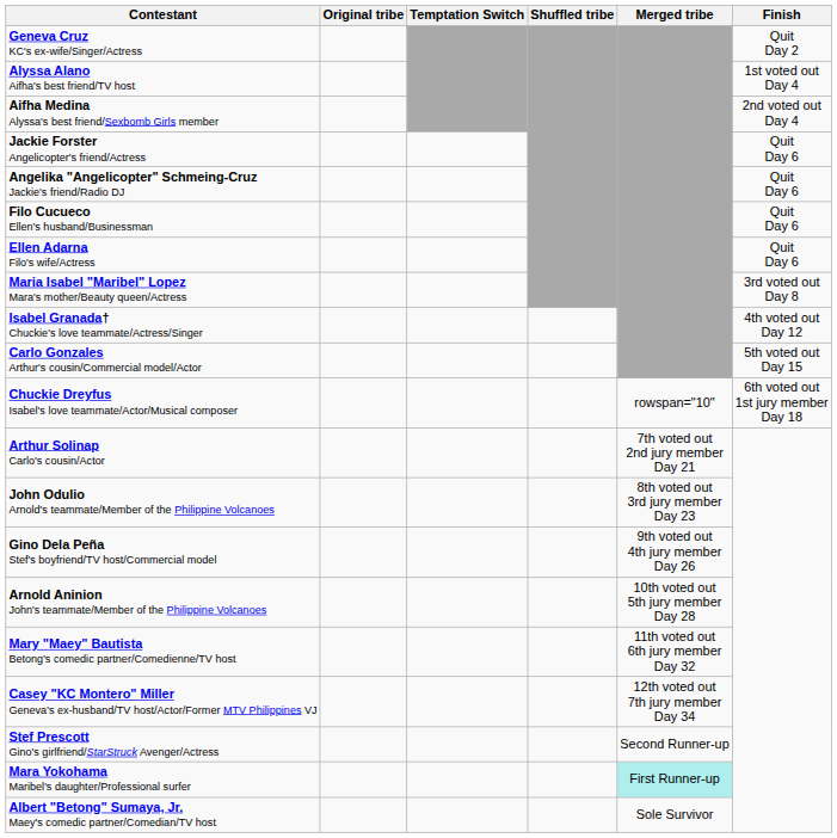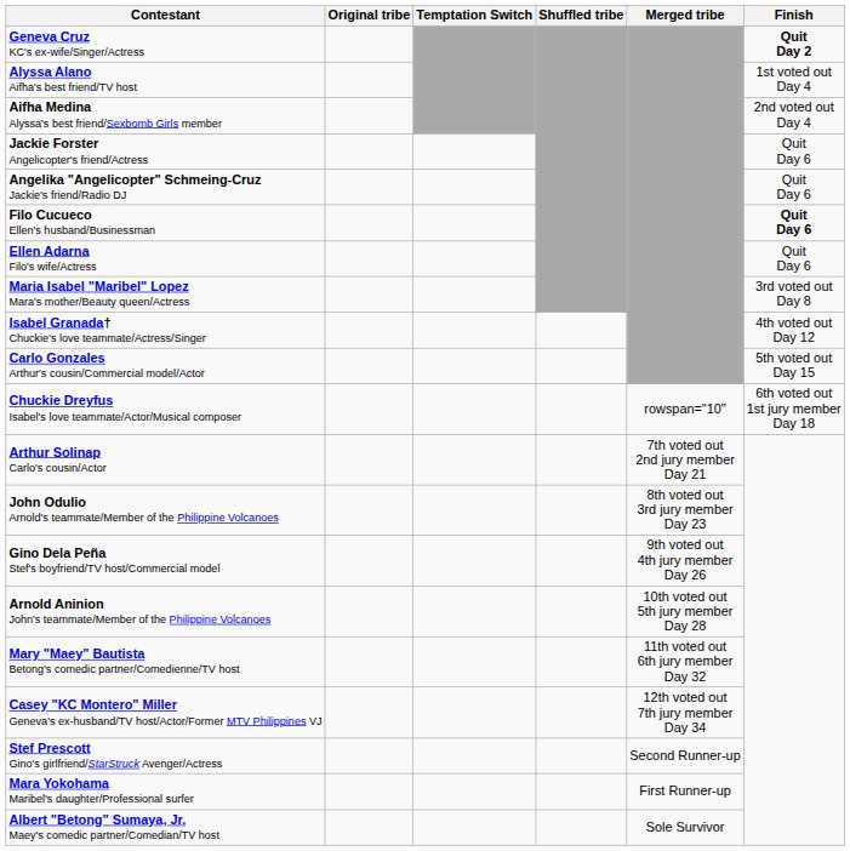 <table class="wikitable sortable nowrap" style="margin:auto; text-align:center">
 <tr>
 <th scope="col">Contestant</th>
 <th scope="col">Original tribe</th>
 <th scope="col">Temptation Switch</th>
 <th scope="col">Shuffled tribe</th>
 <th scope="col">Merged tribe</th>
 <th scope="col">Finish</th>
 </tr>
 <tr>
 <td align="left"><strong><a href='#'>Geneva Cruz</a></strong><br><small>KC's ex-wife/Singer/Actress</small></td>
 <td></td>
 <td rowspan="3" bgcolor="darkgray"></td>
 <td rowspan="8" bgcolor="darkgray"></td>
 <td rowspan="10" bgcolor="darkgray"></td>
-<td>Quit<br>Day 2</td>
+<td><strong>Quit<br>Day 2</strong></td>
 </tr>
 <tr>
 <td align="left"><strong><a href='#'>Alyssa Alano</a></strong><br><small>Aifha's best friend/TV host</small></td>
 <td></td>
 <td>1st voted out<br>Day 4</td>
 </tr>
 <tr>
 <td align="left"><strong>Aifha Medina</strong><br><small>Alyssa's best friend/<a href='#'>Sexbomb Girls</a> member</small></td>
 <td></td>
 <td>2nd voted out<br>Day 4</td>
 </tr>
 <tr>
 <td align="left"><strong>Jackie Forster</strong><br><small>Angelicopter's friend/Actress</small></td>
 <td></td>
 <td></td>
 <td>Quit<br>Day 6</td>
 </tr>
 <tr>
 <td align="left"><strong>Angelika "Angelicopter" Schmeing-Cruz</strong><br><small>Jackie's friend/Radio DJ</small></td>
 <td></td>
 <td></td>
 <td>Quit<br>Day 6</td>
 </tr>
 <tr>
 <td align="left"><strong>Filo Cucueco</strong><br><small>Ellen's husband/Businessman</small></td>
 <td></td>
 <td></td>
-<td>Quit<br>Day 6</td>
+<td><strong>Quit<br>Day 6</strong></td>
 </tr>
 <tr>
 <td align="left"><strong><a href='#'>Ellen Adarna</a></strong><br><small>Filo's wife/Actress</small></td>
 <td></td>
 <td></td>
 <td>Quit<br>Day 6</td>
 </tr>
 <tr>
 <td align="left"><strong><a href='#'>Maria Isabel "Maribel" Lopez</a></strong><br><small>Mara's mother/Beauty queen/Actress</small></td>
 <td></td>
 <td></td>
 <td>3rd voted out<br>Day 8</td>
 </tr>
 <tr>
 <td align="left"><strong><a href='#'>Isabel Granada</a>†</strong><br><small>Chuckie's love teammate/Actress/Singer</small></td>
 <td></td>
 <td></td>
 <td></td>
 <td>4th voted out<br>Day 12</td>
 </tr>
 <tr>
 <td align="left"><strong><a href='#'>Carlo Gonzales</a></strong><br><small>Arthur's cousin/Commercial model/Actor</small></td>
 <td></td>
 <td></td>
 <td></td>
 <td>5th voted out<br>Day 15</td>
 </tr>
 <tr>
 <td align="left"><strong><a href='#'>Chuckie Dreyfus</a></strong><br><small>Isabel's love teammate/Actor/Musical composer</small></td>
 <td></td>
 <td></td>
 <td></td>
 <td>rowspan="10" </td>
 <td>6th voted out<br>1st jury member<br>Day 18</td>
 </tr>
 <tr>
 <td align="left"><strong><a href='#'>Arthur Solinap</a></strong><br><small>Carlo's cousin/Actor</small></td>
 <td></td>
 <td></td>
 <td></td>
 <td>7th voted out<br>2nd jury member<br>Day 21</td>
 </tr>
 <tr>
 <td align="left"><strong>John Odulio</strong><br><small>Arnold's teammate/Member of the <a href='#'>Philippine Volcanoes</a></small></td>
 <td></td>
 <td></td>
 <td></td>
 <td>8th voted out<br>3rd jury member<br>Day 23</td>
 </tr>
 <tr>
 <td align="left"><strong>Gino Dela Peña</strong><br><small>Stef's boyfriend/TV host/Commercial model</small></td>
 <td></td>
 <td></td>
 <td></td>
 <td>9th voted out<br>4th jury member<br>Day 26</td>
 </tr>
 <tr>
 <td align="left"><strong>Arnold Aninion</strong><br><small>John's teammate/Member of the <a href='#'>Philippine Volcanoes</a></small></td>
 <td></td>
 <td></td>
 <td></td>
 <td>10th voted out<br>5th jury member<br>Day 28</td>
 </tr>
 <tr>
 <td align="left"><strong><a href='#'>Mary "Maey" Bautista</a></strong><br><small>Betong's comedic partner/Comedienne/TV host</small></td>
 <td></td>
 <td></td>
 <td></td>
 <td>11th voted out<br>6th jury member<br>Day 32</td>
 </tr>
 <tr>
 <td align="left"><strong><a href='#'>Casey "KC Montero" Miller</a></strong><br><small>Geneva's ex-husband/TV host/Actor/Former <a href='#'>MTV Philippines</a> VJ</small></td>
 <td></td>
 <td></td>
 <td></td>
 <td>12th voted out<br>7th jury member<br>Day 34</td>
 </tr>
 <tr>
 <td align="left"><strong><a href='#'>Stef Prescott</a></strong><br><small>Gino's girlfriend/<em><a href='#'>StarStruck</a></em> Avenger/Actress</small></td>
 <td></td>
 <td></td>
 <td></td>
 <td>Second Runner-up</td>
 </tr>
 <tr>
 <td align="left"><strong><a href='#'>Mara Yokohama</a></strong><br><small>Maribel's daughter/Professional surfer</small></td>
 <td></td>
 <td></td>
 <td></td>
-<td style="background: paleturquoise;">First Runner-up</td>
+<td>First Runner-up</td>
 </tr>
 <tr>
 <td align="left"><strong><a href='#'>Albert "Betong" Sumaya, Jr.</a></strong><br><small>Maey's comedic partner/Comedian/TV host</small></td>
 <td></td>
 <td></td>
 <td></td>
 <td>Sole Survivor</td>
 </tr>
 </table>
